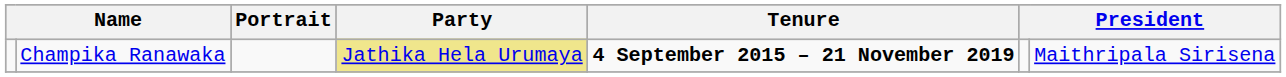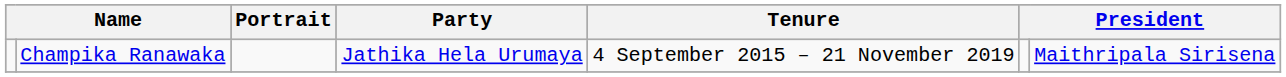 <table class="wikitable" style="margin:1em auto; font-size:90%; text-align:center;">
 <tr>
 <th colspan="2">Name</th>
 <th>Portrait</th>
 <th>Party</th>
 <th>Tenure</th>
 <th colspan="2"><a href='#'>President</a></th>
 </tr>
 <tr>
 <td !align="center" style="background:"></td>
 <td><a href='#'>Champika Ranawaka</a></td>
 <td></td>
-<td style="background: khaki;"><a href='#'>Jathika Hela Urumaya</a></td>
-<td><strong>4 September 2015 – 21 November 2019</strong></td>
+<td><a href='#'>Jathika Hela Urumaya</a></td>
+<td>4 September 2015 – 21 November 2019</td>
 <td !align="center" style="background:"></td>
 <td><a href='#'>Maithripala Sirisena</a></td>
 </tr>
 </table>
